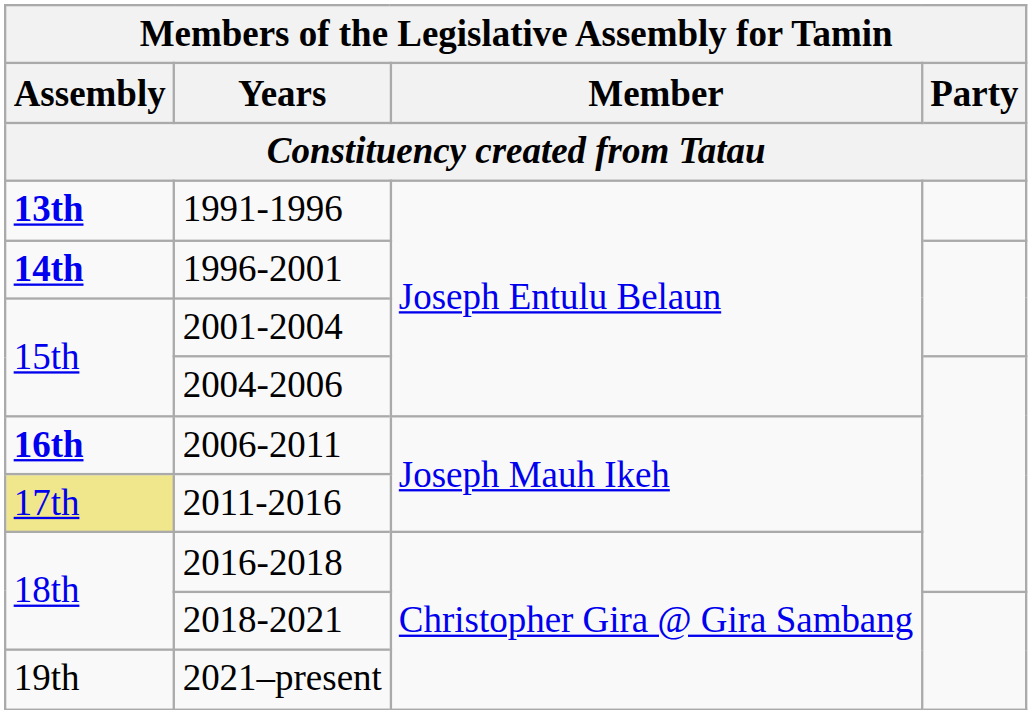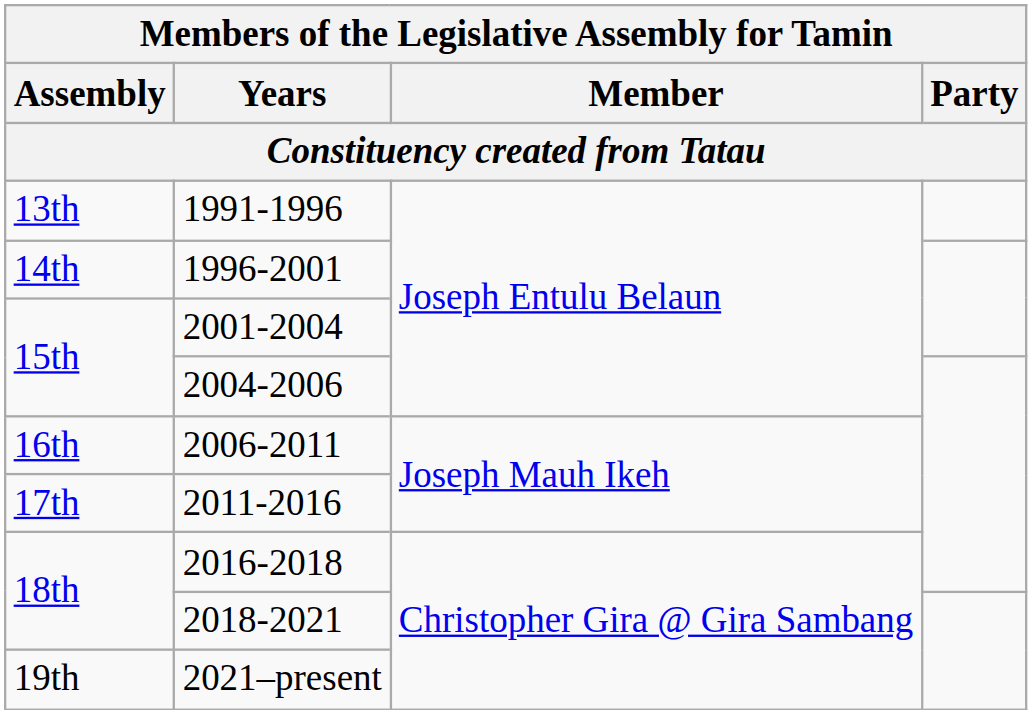 <table class=wikitable>
 <tr>
 <th colspan="4">Members of the Legislative Assembly for Tamin</th>
 </tr>
 <tr>
 <th>Assembly</th>
 <th>Years</th>
 <th>Member</th>
 <th>Party</th>
 </tr>
 <tr>
 <th colspan=4 align=center><em>Constituency created from Tatau</em></th>
 </tr>
 <tr>
-<td><strong><a href='#'>13th</a></strong></td>
+<td><a href='#'>13th</a></td>
 <td>1991-1996</td>
 <td rowspan=4><a href='#'>Joseph Entulu Belaun</a></td>
 <td></td>
 </tr>
 <tr>
-<td><strong><a href='#'>14th</a></strong></td>
+<td><a href='#'>14th</a></td>
 <td>1996-2001</td>
 <td rowspan=2></td>
 </tr>
 <tr>
 <td rowspan=2><a href='#'>15th</a></td>
 <td>2001-2004</td>
 </tr>
 <tr>
 <td>2004-2006</td>
 <td rowspan=4></td>
 </tr>
 <tr>
-<td><strong><a href='#'>16th</a></strong></td>
+<td><a href='#'>16th</a></td>
 <td>2006-2011</td>
 <td rowspan=2><a href='#'>Joseph Mauh Ikeh</a></td>
 </tr>
 <tr>
-<td style="background: khaki;"><a href='#'>17th</a></td>
+<td><a href='#'>17th</a></td>
 <td>2011-2016</td>
 </tr>
 <tr>
 <td rowspan="2"><a href='#'>18th</a></td>
 <td>2016-2018</td>
 <td rowspan="3"><a href='#'>Christopher Gira @ Gira Sambang</a></td>
 </tr>
 <tr>
 <td>2018-2021</td>
 <td rowspan=2></td>
 </tr>
 <tr>
 <td>19th</td>
 <td>2021–present</td>
 </tr>
 </table>
